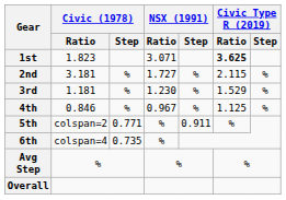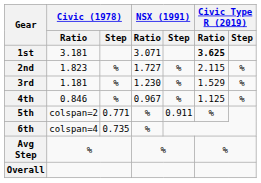 <table class="wikitable floatright" style="text-align:center;font-size:90%;width:28em;">
 <tr>
 <th rowspan=2>Gear</th>
 <th colspan=2><a href='#'>Civic (1978)</a></th>
 <th colspan=2><a href='#'>NSX (1991)</a></th>
 <th colspan=2><a href='#'>Civic Type R (2019)</a></th>
 </tr>
 <tr>
 <th>Ratio</th>
 <th>Step</th>
 <th>Ratio</th>
 <th>Step</th>
 <th>Ratio</th>
 <th>Step</th>
 </tr>
 <tr>
 <th>1st</th>
-<td>1.823</td>
+<td>3.181</td>
 <td></td>
 <td>3.071</td>
 <td></td>
 <td><strong>3.625</strong></td>
 <td></td>
 </tr>
 <tr>
 <th>2nd</th>
-<td>3.181</td>
+<td>1.823</td>
 <td>%</td>
 <td>1.727</td>
 <td>%</td>
 <td>2.115</td>
 <td>%</td>
 </tr>
 <tr>
 <th>3rd</th>
 <td>1.181</td>
 <td>%</td>
 <td>1.230</td>
 <td>%</td>
 <td>1.529</td>
 <td>%</td>
 </tr>
 <tr>
 <th>4th</th>
 <td>0.846</td>
 <td>%</td>
 <td>0.967</td>
 <td>%</td>
 <td>1.125</td>
 <td>%</td>
 </tr>
 <tr>
 <th>5th</th>
 <td>colspan=2 </td>
 <td>0.771</td>
 <td>%</td>
 <td>0.911</td>
 <td>%</td>
 </tr>
 <tr>
 <th>6th</th>
 <td>colspan=4 </td>
 <td>0.735</td>
 <td>%</td>
 </tr>
 <tr>
 <th>Avg Step</th>
 <td colspan=2>%</td>
 <td colspan=2>%</td>
 <td colspan=2>%</td>
 </tr>
 <tr>
 <th>Overall</th>
 <td colspan=2></td>
 <td colspan=2></td>
 <td colspan=2></td>
 </tr>
 </table>
